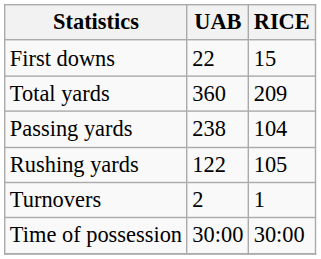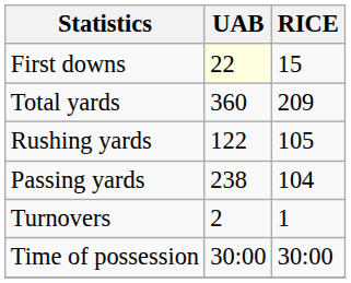 <table class="wikitable">
 <tr>
 <th>Statistics</th>
 <th>UAB</th>
 <th>RICE</th>
 </tr>
 <tr>
 <td>First downs</td>
-<td>22</td>
+<td style="background: lightyellow;">22</td>
 <td>15</td>
 </tr>
 <tr>
 <td>Total yards</td>
 <td>360</td>
 <td>209</td>
 </tr>
 <tr>
+<td>Rushing yards</td>
+<td>122</td>
+<td>105</td>
+</tr>
+<tr>
 <td>Passing yards</td>
 <td>238</td>
 <td>104</td>
-</tr>
-<tr>
-<td>Rushing yards</td>
-<td>122</td>
-<td>105</td>
 </tr>
 <tr>
 <td>Turnovers</td>
 <td>2</td>
 <td>1</td>
 </tr>
 <tr>
 <td>Time of possession</td>
 <td>30:00</td>
 <td>30:00</td>
 </tr>
 <tr>
 </tr>
 </table>
